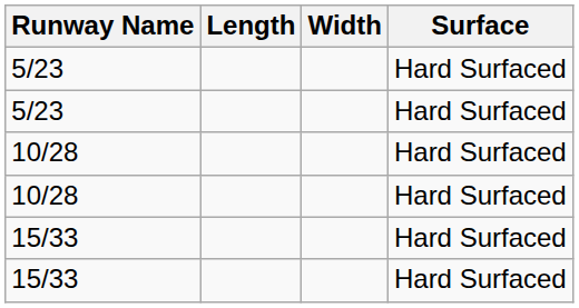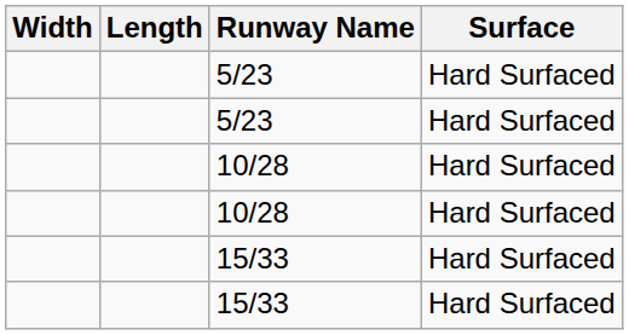 <table class="wikitable">
 <tr>
+<th>Width</th>
+<th>Length</th>
 <th>Runway Name</th>
-<th>Length</th>
-<th>Width</th>
 <th>Surface</th>
 </tr>
 <tr>
-<td>5/23</td>
 <td></td>
 <td></td>
+<td>5/23</td>
 <td>Hard Surfaced</td>
 </tr>
 <tr>
-<td>5/23</td>
 <td></td>
 <td></td>
+<td>5/23</td>
 <td>Hard Surfaced</td>
 </tr>
 <tr>
-<td>10/28</td>
 <td></td>
 <td></td>
+<td>10/28</td>
 <td>Hard Surfaced</td>
 </tr>
 <tr>
-<td>10/28</td>
 <td></td>
 <td></td>
+<td>10/28</td>
 <td>Hard Surfaced</td>
 </tr>
 <tr>
-<td>15/33</td>
 <td></td>
 <td></td>
+<td>15/33</td>
 <td>Hard Surfaced</td>
 </tr>
 <tr>
-<td>15/33</td>
 <td></td>
 <td></td>
+<td>15/33</td>
 <td>Hard Surfaced</td>
 </tr>
 </table>
